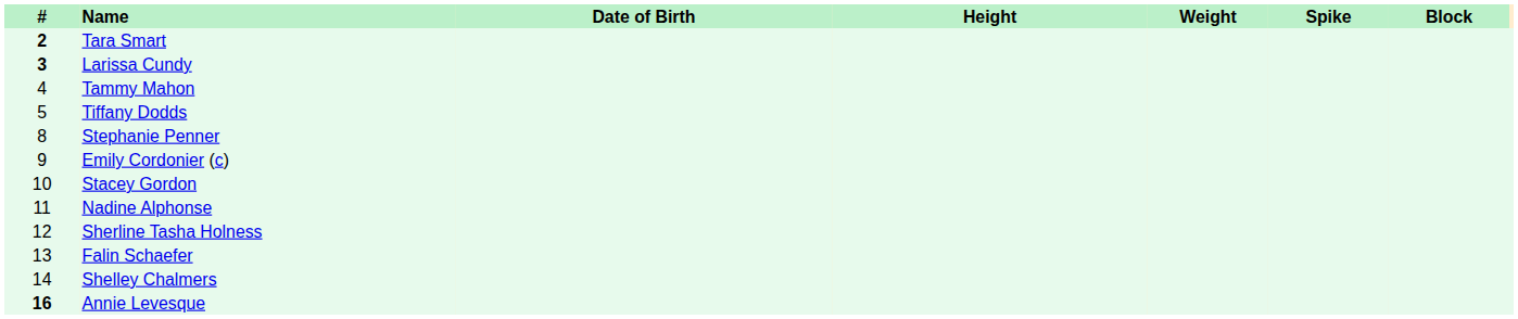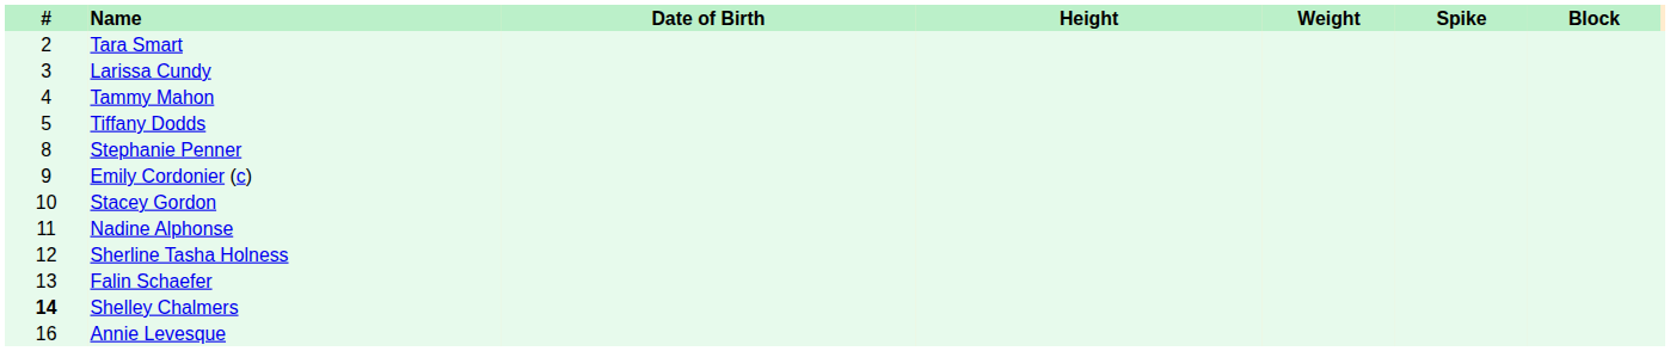 <table border=0 cellpadding=2 cellspacing=0  |- bgcolor=#FFECCE style="text-align:center; font-size:90%;" width=100%>
 <tr bgcolor=#BBF0C9>
 <th width=5%>#</th>
 <th width=25% align=left>Name</th>
 <th width=25%>Date of Birth</th>
 <th width=21%>Height</th>
 <th width=8%>Weight</th>
 <th width=8%>Spike</th>
 <th width=8%>Block</th>
 </tr>
 <tr bgcolor=#E7FAEC>
-<td><strong>2</strong></td>
+<td>2</td>
 <td align=left><a href='#'>Tara Smart</a></td>
 <td></td>
 <td></td>
 <td></td>
 <td></td>
 <td></td>
 <td></td>
 </tr>
 <tr bgcolor=#E7FAEC>
-<td><strong>3</strong></td>
+<td>3</td>
 <td align=left><a href='#'>Larissa Cundy</a></td>
 <td></td>
 <td></td>
 <td></td>
 <td></td>
 <td></td>
 <td></td>
 </tr>
 <tr bgcolor=#E7FAEC>
 <td>4</td>
 <td align=left><a href='#'>Tammy Mahon</a></td>
 <td></td>
 <td></td>
 <td></td>
 <td></td>
 <td></td>
 <td></td>
 </tr>
 <tr bgcolor=#E7FAEC>
 <td>5</td>
 <td align=left><a href='#'>Tiffany Dodds</a></td>
 <td></td>
 <td></td>
 <td></td>
 <td></td>
 <td></td>
 <td></td>
 </tr>
 <tr bgcolor=#E7FAEC>
 <td>8</td>
 <td align=left><a href='#'>Stephanie Penner</a></td>
 <td></td>
 <td></td>
 <td></td>
 <td></td>
 <td></td>
 <td></td>
 </tr>
 <tr bgcolor=#E7FAEC>
 <td>9</td>
 <td align=left><a href='#'>Emily Cordonier</a> (<a href='#'>c</a>)</td>
 <td></td>
 <td></td>
 <td></td>
 <td></td>
 <td></td>
 <td></td>
 </tr>
 <tr bgcolor=#E7FAEC>
 <td>10</td>
 <td align=left><a href='#'>Stacey Gordon</a></td>
 <td></td>
 <td></td>
 <td></td>
 <td></td>
 <td></td>
 <td></td>
 </tr>
 <tr bgcolor=#E7FAEC>
 <td>11</td>
 <td align=left><a href='#'>Nadine Alphonse</a></td>
 <td></td>
 <td></td>
 <td></td>
 <td></td>
 <td></td>
 <td></td>
 </tr>
 <tr bgcolor=#E7FAEC>
 <td>12</td>
 <td align=left><a href='#'>Sherline Tasha Holness</a></td>
 <td></td>
 <td></td>
 <td></td>
 <td></td>
 <td></td>
 <td></td>
 </tr>
 <tr bgcolor=#E7FAEC>
 <td>13</td>
 <td align=left><a href='#'>Falin Schaefer</a></td>
 <td></td>
 <td></td>
 <td></td>
 <td></td>
 <td></td>
 <td></td>
 </tr>
 <tr bgcolor=#E7FAEC>
-<td>14</td>
+<td><strong>14</strong></td>
 <td align=left><a href='#'>Shelley Chalmers</a></td>
 <td></td>
 <td></td>
 <td></td>
 <td></td>
 <td></td>
 <td></td>
 </tr>
 <tr bgcolor=#E7FAEC>
-<td><strong>16</strong></td>
+<td>16</td>
 <td align=left><a href='#'>Annie Levesque</a></td>
 <td></td>
 <td></td>
 <td></td>
 <td></td>
 <td></td>
 <td></td>
 </tr>
 </table>
